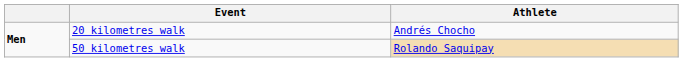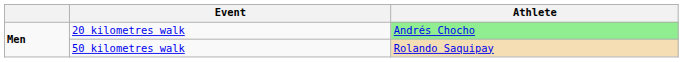 <table class=wikitable style="font-size:90%" width=60%>
 <tr>
 <th></th>
 <th>Event</th>
 <th>Athlete</th>
 </tr>
 <tr>
 <td rowspan=2><strong>Men</strong></td>
 <td><a href='#'>20 kilometres walk</a></td>
-<td><a href='#'>Andrés Chocho</a></td>
+<td style="background: lightgreen;"><a href='#'>Andrés Chocho</a></td>
 </tr>
 <tr>
 <td><a href='#'>50 kilometres walk</a></td>
 <td bgcolor="wheat"><a href='#'>Rolando Saquipay</a></td>
 </tr>
 </table>
